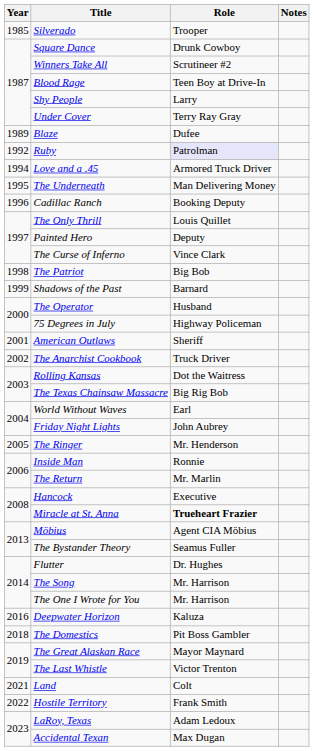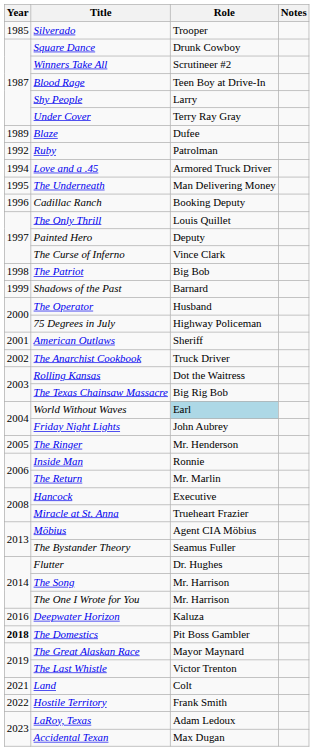 <table class="wikitable">
 <tr>
 <th>Year</th>
 <th>Title</th>
 <th>Role</th>
 <th>Notes</th>
 </tr>
 <tr>
 <td>1985</td>
 <td><a href='#'><em>Silverado</em></a></td>
 <td>Trooper</td>
 <td></td>
 </tr>
 <tr>
 <td rowspan="5">1987</td>
 <td><a href='#'><em>Square Dance</em></a></td>
 <td>Drunk Cowboy</td>
 <td></td>
 </tr>
 <tr>
 <td><a href='#'><em>Winners Take All</em></a></td>
 <td>Scrutineer #2</td>
 <td></td>
 </tr>
 <tr>
 <td><em><a href='#'>Blood Rage</a></em></td>
 <td>Teen Boy at Drive-In</td>
 <td></td>
 </tr>
 <tr>
 <td><em><a href='#'>Shy People</a></em></td>
 <td>Larry</td>
 <td></td>
 </tr>
 <tr>
 <td><a href='#'><em>Under Cover</em></a></td>
 <td>Terry Ray Gray</td>
 <td></td>
 </tr>
 <tr>
 <td>1989</td>
 <td><a href='#'><em>Blaze</em></a></td>
 <td>Dufee</td>
 <td></td>
 </tr>
 <tr>
 <td>1992</td>
 <td><a href='#'><em>Ruby</em></a></td>
-<td style="background: lavender;">Patrolman</td>
+<td>Patrolman</td>
 <td></td>
 </tr>
 <tr>
 <td>1994</td>
 <td><em><a href='#'>Love and a .45</a></em></td>
 <td>Armored Truck Driver</td>
 <td></td>
 </tr>
 <tr>
 <td>1995</td>
 <td><a href='#'><em>The Underneath</em></a></td>
 <td>Man Delivering Money</td>
 <td></td>
 </tr>
 <tr>
 <td>1996</td>
 <td><em>Cadillac Ranch</em></td>
 <td>Booking Deputy</td>
 <td></td>
 </tr>
 <tr>
 <td rowspan="3">1997</td>
 <td><em><a href='#'>The Only Thrill</a></em></td>
 <td>Louis Quillet</td>
 <td></td>
 </tr>
 <tr>
 <td><em>Painted Hero</em></td>
 <td>Deputy</td>
 <td></td>
 </tr>
 <tr>
 <td><em>The Curse of Inferno</em></td>
 <td>Vince Clark</td>
 <td></td>
 </tr>
 <tr>
 <td>1998</td>
 <td><a href='#'><em>The Patriot</em></a></td>
 <td>Big Bob</td>
 <td></td>
 </tr>
 <tr>
 <td>1999</td>
 <td><em>Shadows of the Past</em></td>
 <td>Barnard</td>
 <td></td>
 </tr>
 <tr>
 <td rowspan="2">2000</td>
 <td><em><a href='#'>The Operator</a></em></td>
 <td>Husband</td>
 <td></td>
 </tr>
 <tr>
 <td><em>75 Degrees in July</em></td>
 <td>Highway Policeman</td>
 <td></td>
 </tr>
 <tr>
 <td>2001</td>
 <td><em><a href='#'>American Outlaws</a></em></td>
 <td>Sheriff</td>
 <td></td>
 </tr>
 <tr>
 <td>2002</td>
 <td><a href='#'><em>The Anarchist Cookbook</em></a></td>
 <td>Truck Driver</td>
 <td></td>
 </tr>
 <tr>
 <td rowspan="2">2003</td>
 <td><em><a href='#'>Rolling Kansas</a></em></td>
 <td>Dot the Waitress</td>
 <td></td>
 </tr>
 <tr>
 <td><a href='#'><em>The Texas Chainsaw Massacre</em></a></td>
 <td>Big Rig Bob</td>
 <td></td>
 </tr>
 <tr>
 <td rowspan="2">2004</td>
 <td><em>World Without Waves</em></td>
-<td>Earl</td>
+<td style="background: lightblue;">Earl</td>
 <td></td>
 </tr>
 <tr>
 <td><a href='#'><em>Friday Night Lights</em></a></td>
 <td>John Aubrey</td>
 <td></td>
 </tr>
 <tr>
 <td>2005</td>
 <td><a href='#'><em>The Ringer</em></a></td>
 <td>Mr. Henderson</td>
 <td></td>
 </tr>
 <tr>
 <td rowspan="2">2006</td>
 <td><em><a href='#'>Inside Man</a></em></td>
 <td>Ronnie</td>
 <td></td>
 </tr>
 <tr>
 <td><a href='#'><em>The Return</em></a></td>
 <td>Mr. Marlin</td>
 <td></td>
 </tr>
 <tr>
 <td rowspan="2">2008</td>
 <td><a href='#'><em>Hancock</em></a></td>
 <td>Executive</td>
 <td></td>
 </tr>
 <tr>
 <td><em><a href='#'>Miracle at St. Anna</a></em></td>
-<td><strong>Trueheart Frazier</strong></td>
+<td>Trueheart Frazier</td>
 <td></td>
 </tr>
 <tr>
 <td rowspan="2">2013</td>
 <td><a href='#'><em>Möbius</em></a></td>
 <td>Agent CIA Möbius</td>
 <td></td>
 </tr>
 <tr>
 <td><em>The Bystander Theory</em></td>
 <td>Seamus Fuller</td>
 <td></td>
 </tr>
 <tr>
 <td rowspan="3">2014</td>
 <td><em>Flutter</em></td>
 <td>Dr. Hughes</td>
 <td></td>
 </tr>
 <tr>
 <td><a href='#'><em>The Song</em></a></td>
 <td>Mr. Harrison</td>
 <td></td>
 </tr>
 <tr>
 <td><em>The One I Wrote for You</em></td>
 <td>Mr. Harrison</td>
 <td></td>
 </tr>
 <tr>
 <td>2016</td>
 <td><a href='#'><em>Deepwater Horizon</em></a></td>
 <td>Kaluza</td>
 <td></td>
 </tr>
 <tr>
-<td>2018</td>
+<td><strong>2018</strong></td>
 <td><em><a href='#'>The Domestics</a></em></td>
 <td>Pit Boss Gambler</td>
 <td></td>
 </tr>
 <tr>
 <td rowspan="2">2019</td>
 <td><em><a href='#'>The Great Alaskan Race</a></em></td>
 <td>Mayor Maynard</td>
 <td></td>
 </tr>
 <tr>
 <td><em><a href='#'>The Last Whistle</a></em></td>
 <td>Victor Trenton</td>
 <td></td>
 </tr>
 <tr>
 <td>2021</td>
 <td><a href='#'><em>Land</em></a></td>
 <td>Colt</td>
 <td></td>
 </tr>
 <tr>
 <td>2022</td>
 <td><em><a href='#'>Hostile Territory</a></em></td>
 <td>Frank Smith</td>
 <td></td>
 </tr>
 <tr>
 <td rowspan="2">2023</td>
 <td><em><a href='#'>LaRoy, Texas</a></em></td>
 <td>Adam Ledoux</td>
 </tr>
 <tr>
 <td><em><a href='#'>Accidental Texan</a></em></td>
 <td>Max Dugan</td>
 <td></td>
 </tr>
 </table>
